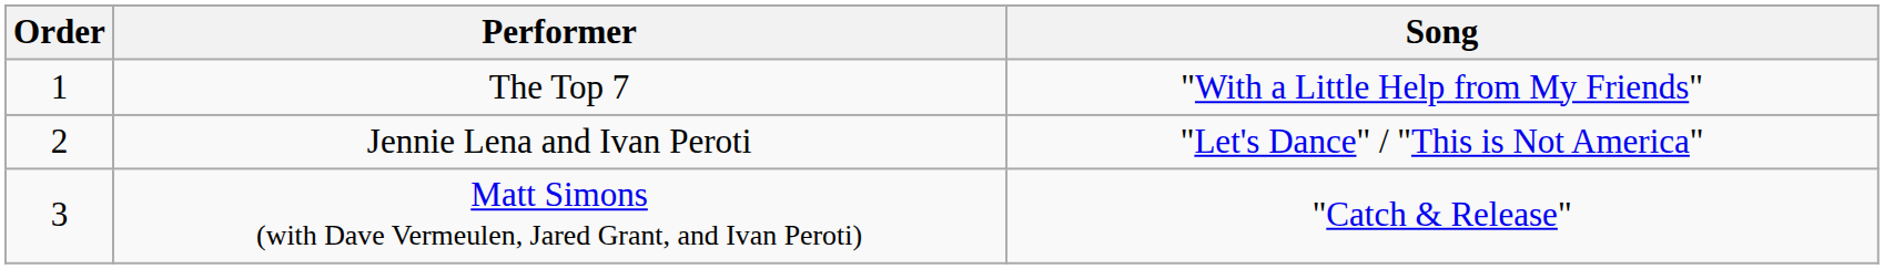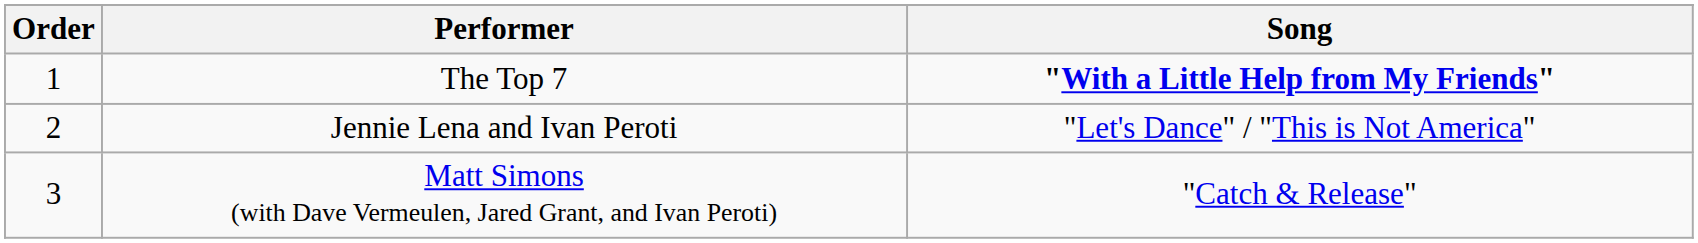 <table class="wikitable" style="text-align:center; width:55%;">
 <tr>
 </tr>
 <tr>
 <th style="width:01%;">Order</th>
 <th style="width:50%;">Performer</th>
 <th style="width:49%;">Song</th>
 </tr>
 <tr>
 <td>1</td>
 <td>The Top 7</td>
-<td>"<a href='#'>With a Little Help from My Friends</a>"</td>
+<td><strong>"<a href='#'>With a Little Help from My Friends</a>"</strong></td>
 </tr>
 <tr>
 <td>2</td>
 <td>Jennie Lena and Ivan Peroti</td>
 <td>"<a href='#'>Let's Dance</a>" / "<a href='#'>This is Not America</a>"</td>
 </tr>
 <tr>
 <td>3</td>
 <td><a href='#'>Matt Simons</a> <br><small>(with Dave Vermeulen, Jared Grant, and Ivan Peroti)</small></td>
 <td>"<a href='#'>Catch & Release</a>"</td>
 </tr>
 </table>
